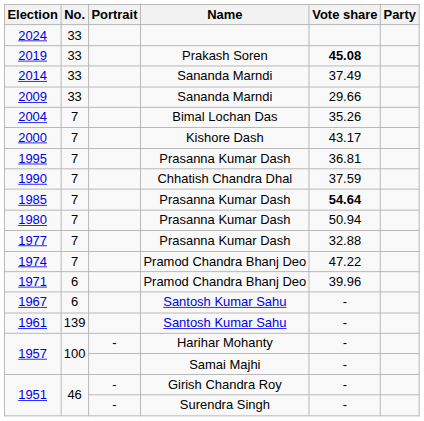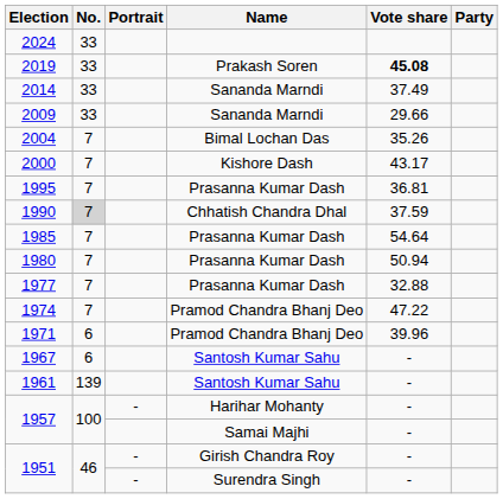 <table class="wikitable sortable" style="text-align:center">
 <tr>
 <th>Election</th>
 <th> No.</th>
 <th>Portrait</th>
 <th>Name</th>
 <th>Vote share</th>
 <th scope="col" colspan="2">Party</th>
 </tr>
 <tr>
 <td><a href='#'>2024</a></td>
 <td>33</td>
 <td></td>
 <td></td>
 <td></td>
 <td></td>
 </tr>
 <tr>
 <td><a href='#'>2019</a></td>
 <td>33</td>
 <td></td>
 <td>Prakash Soren</td>
 <td><strong>45.08</strong></td>
 <td></td>
 </tr>
 <tr>
 <td><a href='#'>2014</a></td>
 <td>33</td>
 <td></td>
 <td>Sananda Marndi</td>
 <td>37.49</td>
 <td></td>
 </tr>
 <tr>
 <td><a href='#'>2009</a></td>
 <td>33</td>
 <td></td>
 <td>Sananda Marndi</td>
 <td>29.66</td>
 <td></td>
 </tr>
 <tr>
 <td><a href='#'>2004</a></td>
 <td>7</td>
 <td></td>
 <td>Bimal Lochan Das</td>
 <td>35.26</td>
 <td></td>
 </tr>
 <tr>
 <td><a href='#'>2000</a></td>
 <td>7</td>
 <td></td>
 <td>Kishore Dash</td>
 <td>43.17</td>
 <td></td>
 </tr>
 <tr>
 <td><a href='#'>1995</a></td>
 <td>7</td>
 <td></td>
 <td>Prasanna Kumar Dash</td>
 <td>36.81</td>
 <td></td>
 </tr>
 <tr>
 <td><a href='#'>1990</a></td>
-<td>7</td>
+<td style="background: lightgrey;">7</td>
 <td></td>
 <td>Chhatish Chandra Dhal</td>
 <td>37.59</td>
 <td></td>
 </tr>
 <tr>
 <td><a href='#'>1985</a></td>
 <td>7</td>
 <td></td>
 <td>Prasanna Kumar Dash</td>
-<td><strong>54.64</strong></td>
+<td>54.64</td>
 <td></td>
 </tr>
 <tr>
 <td><a href='#'>1980</a></td>
 <td>7</td>
 <td></td>
 <td>Prasanna Kumar Dash</td>
 <td>50.94</td>
 <td></td>
 </tr>
 <tr>
 <td><a href='#'>1977</a></td>
 <td>7</td>
 <td></td>
 <td>Prasanna Kumar Dash</td>
 <td>32.88</td>
 <td></td>
 </tr>
 <tr>
 <td><a href='#'>1974</a></td>
 <td>7</td>
 <td></td>
 <td>Pramod Chandra Bhanj Deo</td>
 <td>47.22</td>
 <td></td>
 </tr>
 <tr>
 <td><a href='#'>1971</a></td>
 <td>6</td>
 <td></td>
 <td>Pramod Chandra Bhanj Deo</td>
 <td>39.96</td>
 <td></td>
 </tr>
 <tr>
 <td><a href='#'>1967</a></td>
 <td>6</td>
 <td></td>
 <td><a href='#'>Santosh Kumar Sahu</a></td>
 <td>-</td>
 <td></td>
 </tr>
 <tr>
 <td><a href='#'>1961</a></td>
 <td>139</td>
 <td></td>
 <td><a href='#'>Santosh Kumar Sahu</a></td>
 <td>-</td>
 <td></td>
 </tr>
 <tr>
 <td rowspan="2"><a href='#'>1957</a></td>
 <td rowspan="2">100</td>
 <td>-</td>
 <td>Harihar Mohanty</td>
 <td>-</td>
 <td></td>
 </tr>
 <tr>
 <td></td>
 <td>Samai Majhi</td>
 <td>-</td>
 <td></td>
 </tr>
 <tr>
 <td rowspan="2"><a href='#'>1951</a></td>
 <td rowspan="2">46</td>
 <td>-</td>
 <td>Girish Chandra Roy</td>
 <td>-</td>
 <td></td>
 </tr>
 <tr>
 <td>-</td>
 <td>Surendra Singh</td>
 <td>-</td>
 <td></td>
 </tr>
 </table>
